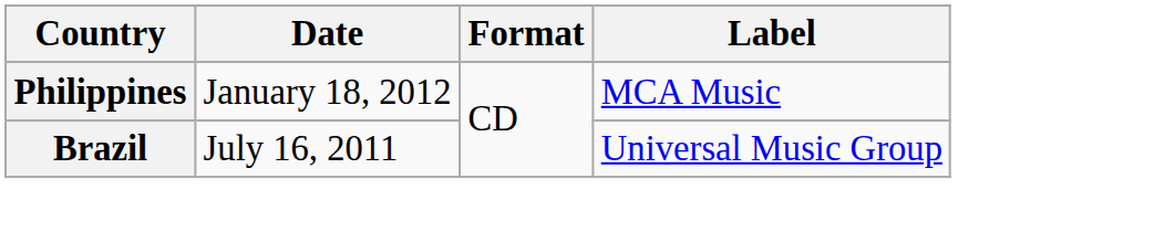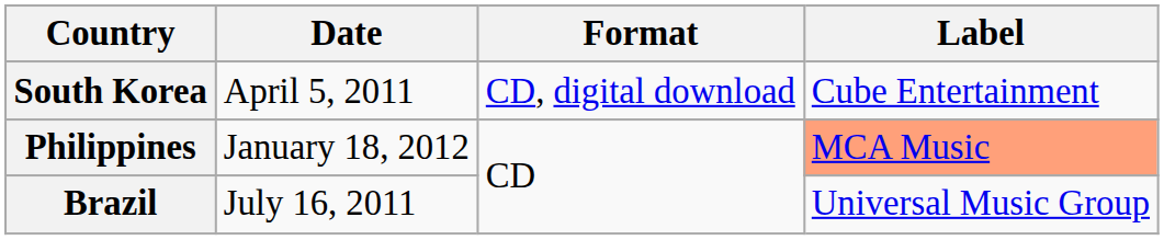 <table class="wikitable plainrowheaders">
 <tr>
 <th scope="col">Country</th>
 <th>Date</th>
 <th>Format</th>
 <th>Label</th>
 </tr>
 <tr>
+<th scope="row" rowspan="1">South Korea</th>
+<td>April 5, 2011</td>
+<td><a href='#'>CD</a>, <a href='#'>digital download</a></td>
+<td><a href='#'>Cube Entertainment</a></td>
+</tr>
+<tr>
 <th scope="row" rowspan="1">Philippines</th>
 <td>January 18, 2012</td>
 <td rowspan="2">CD</td>
-<td><a href='#'>MCA Music</a></td>
+<td style="background: lightsalmon;"><a href='#'>MCA Music</a></td>
 </tr>
 <tr>
 <th scope="row" rowspan="1">Brazil</th>
 <td>July 16, 2011</td>
 <td><a href='#'>Universal Music Group</a></td>
 </tr>
 </table>
